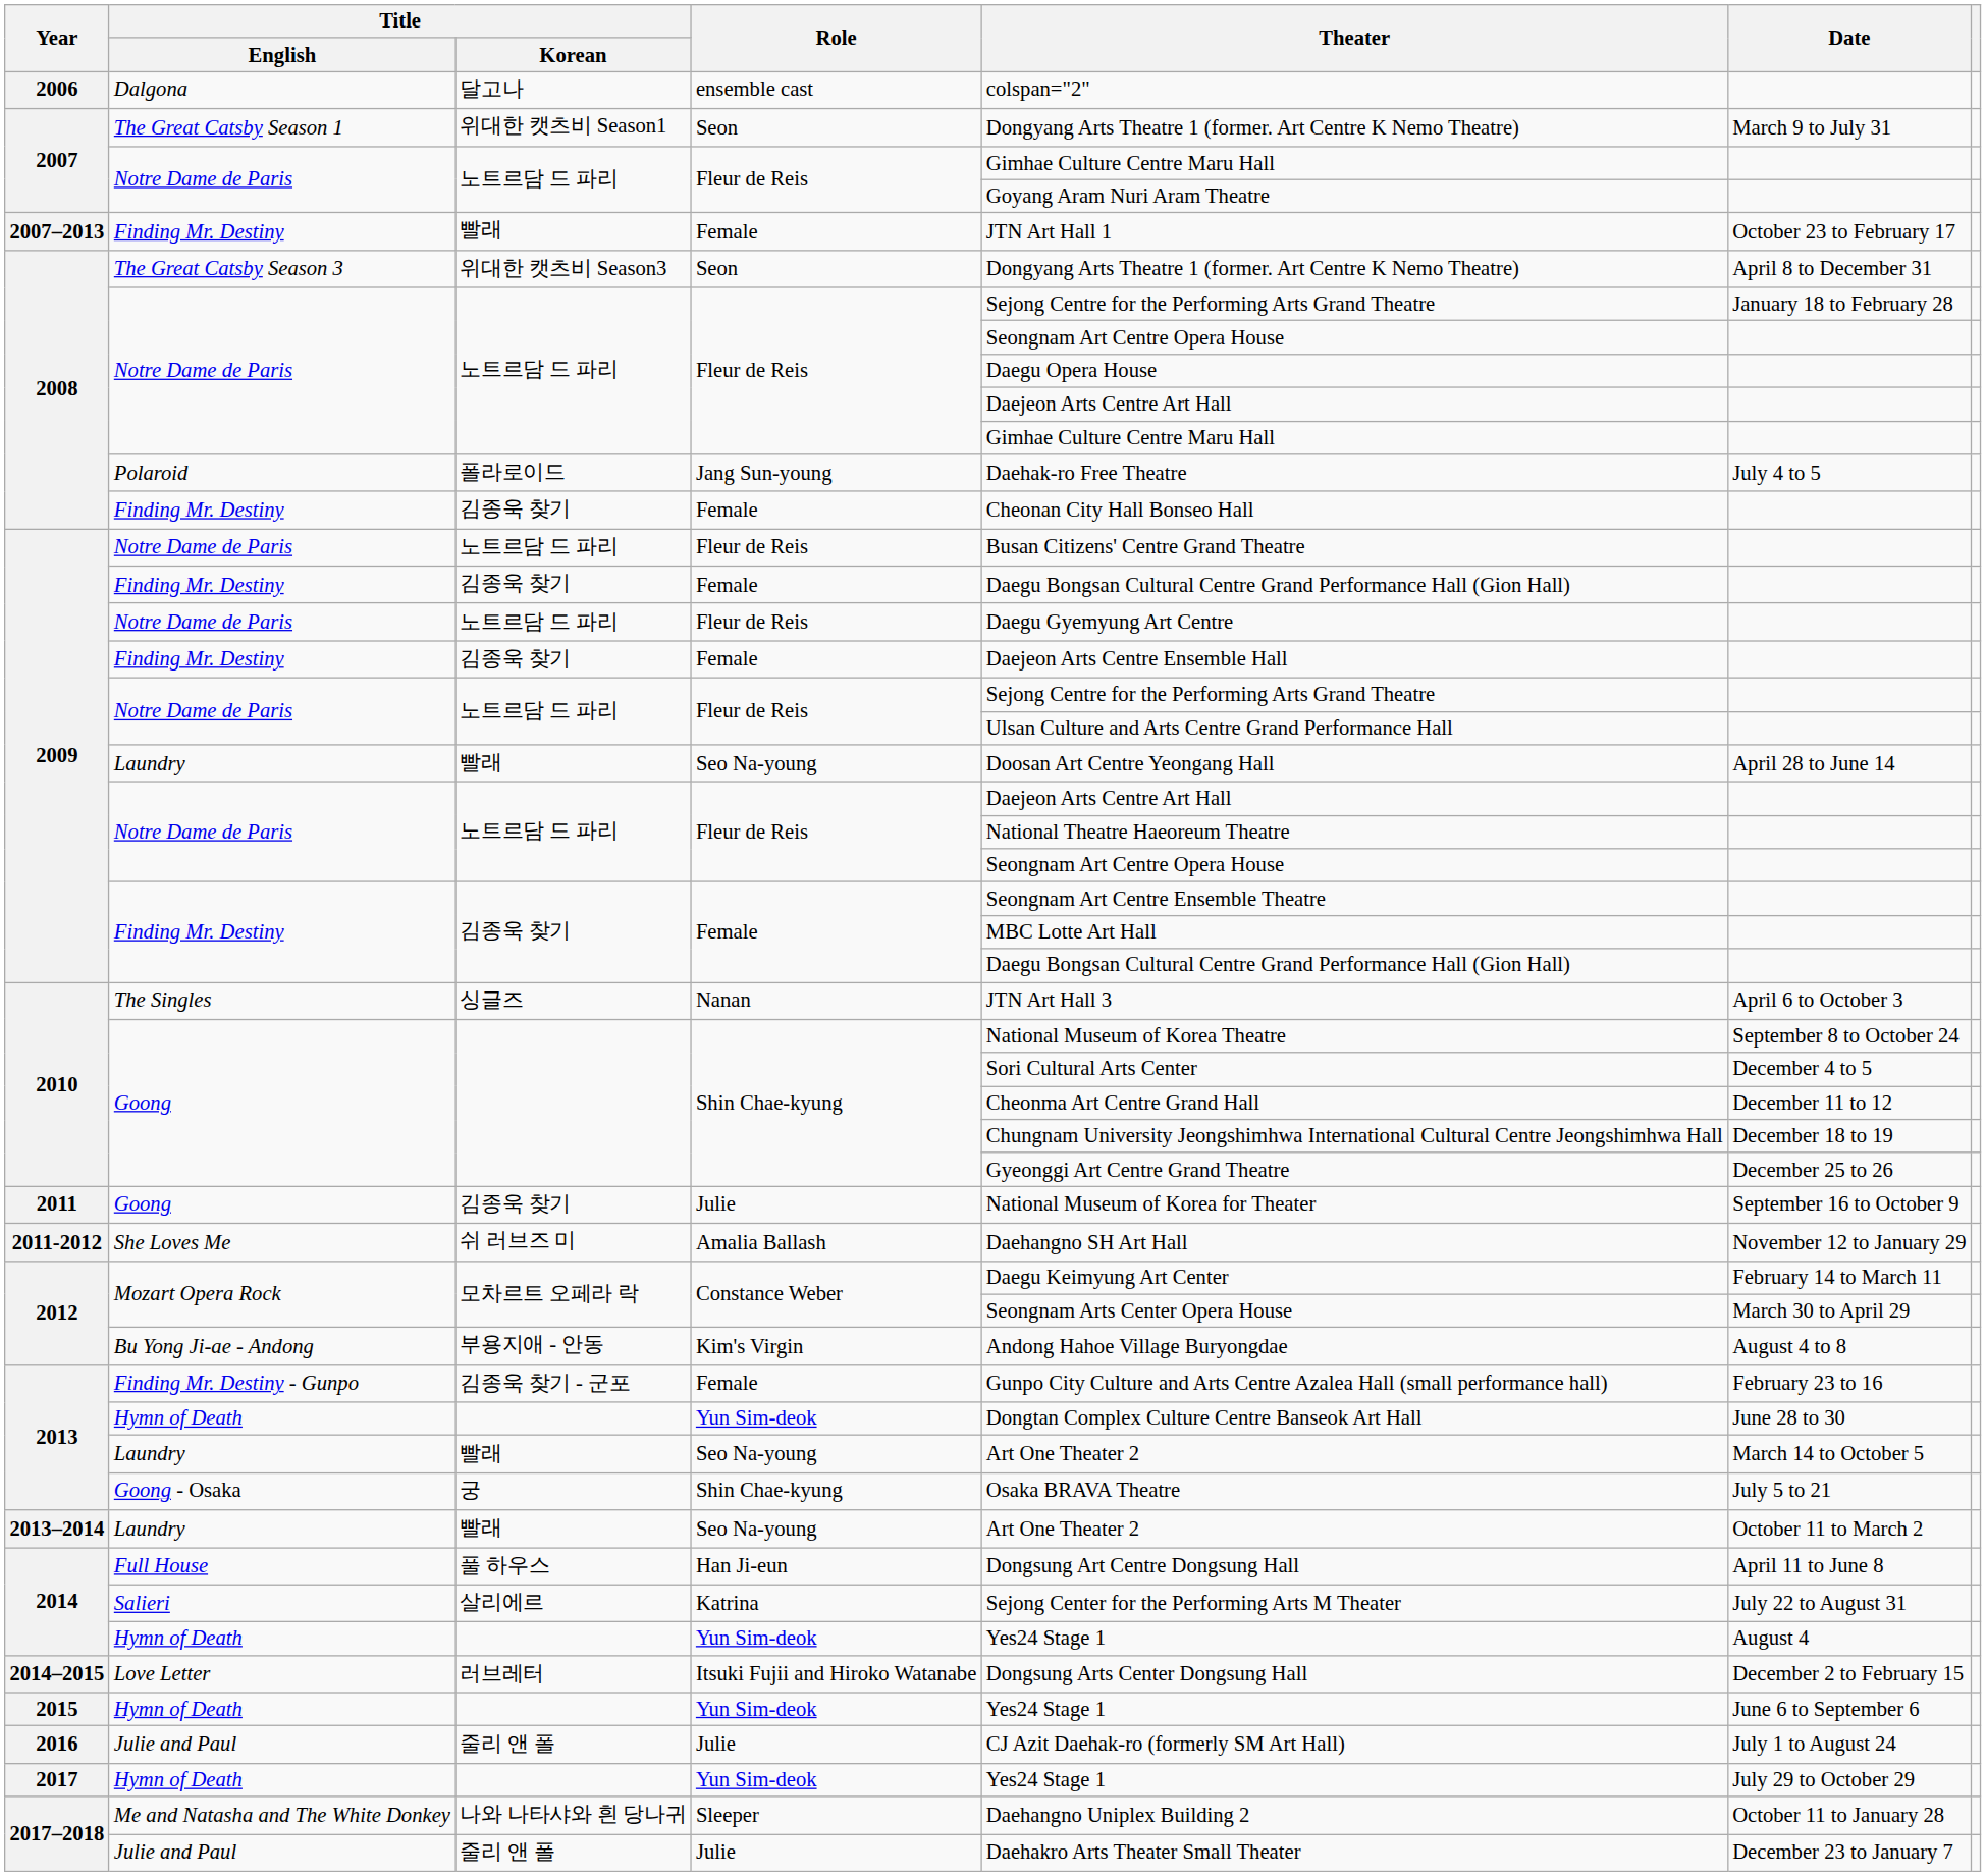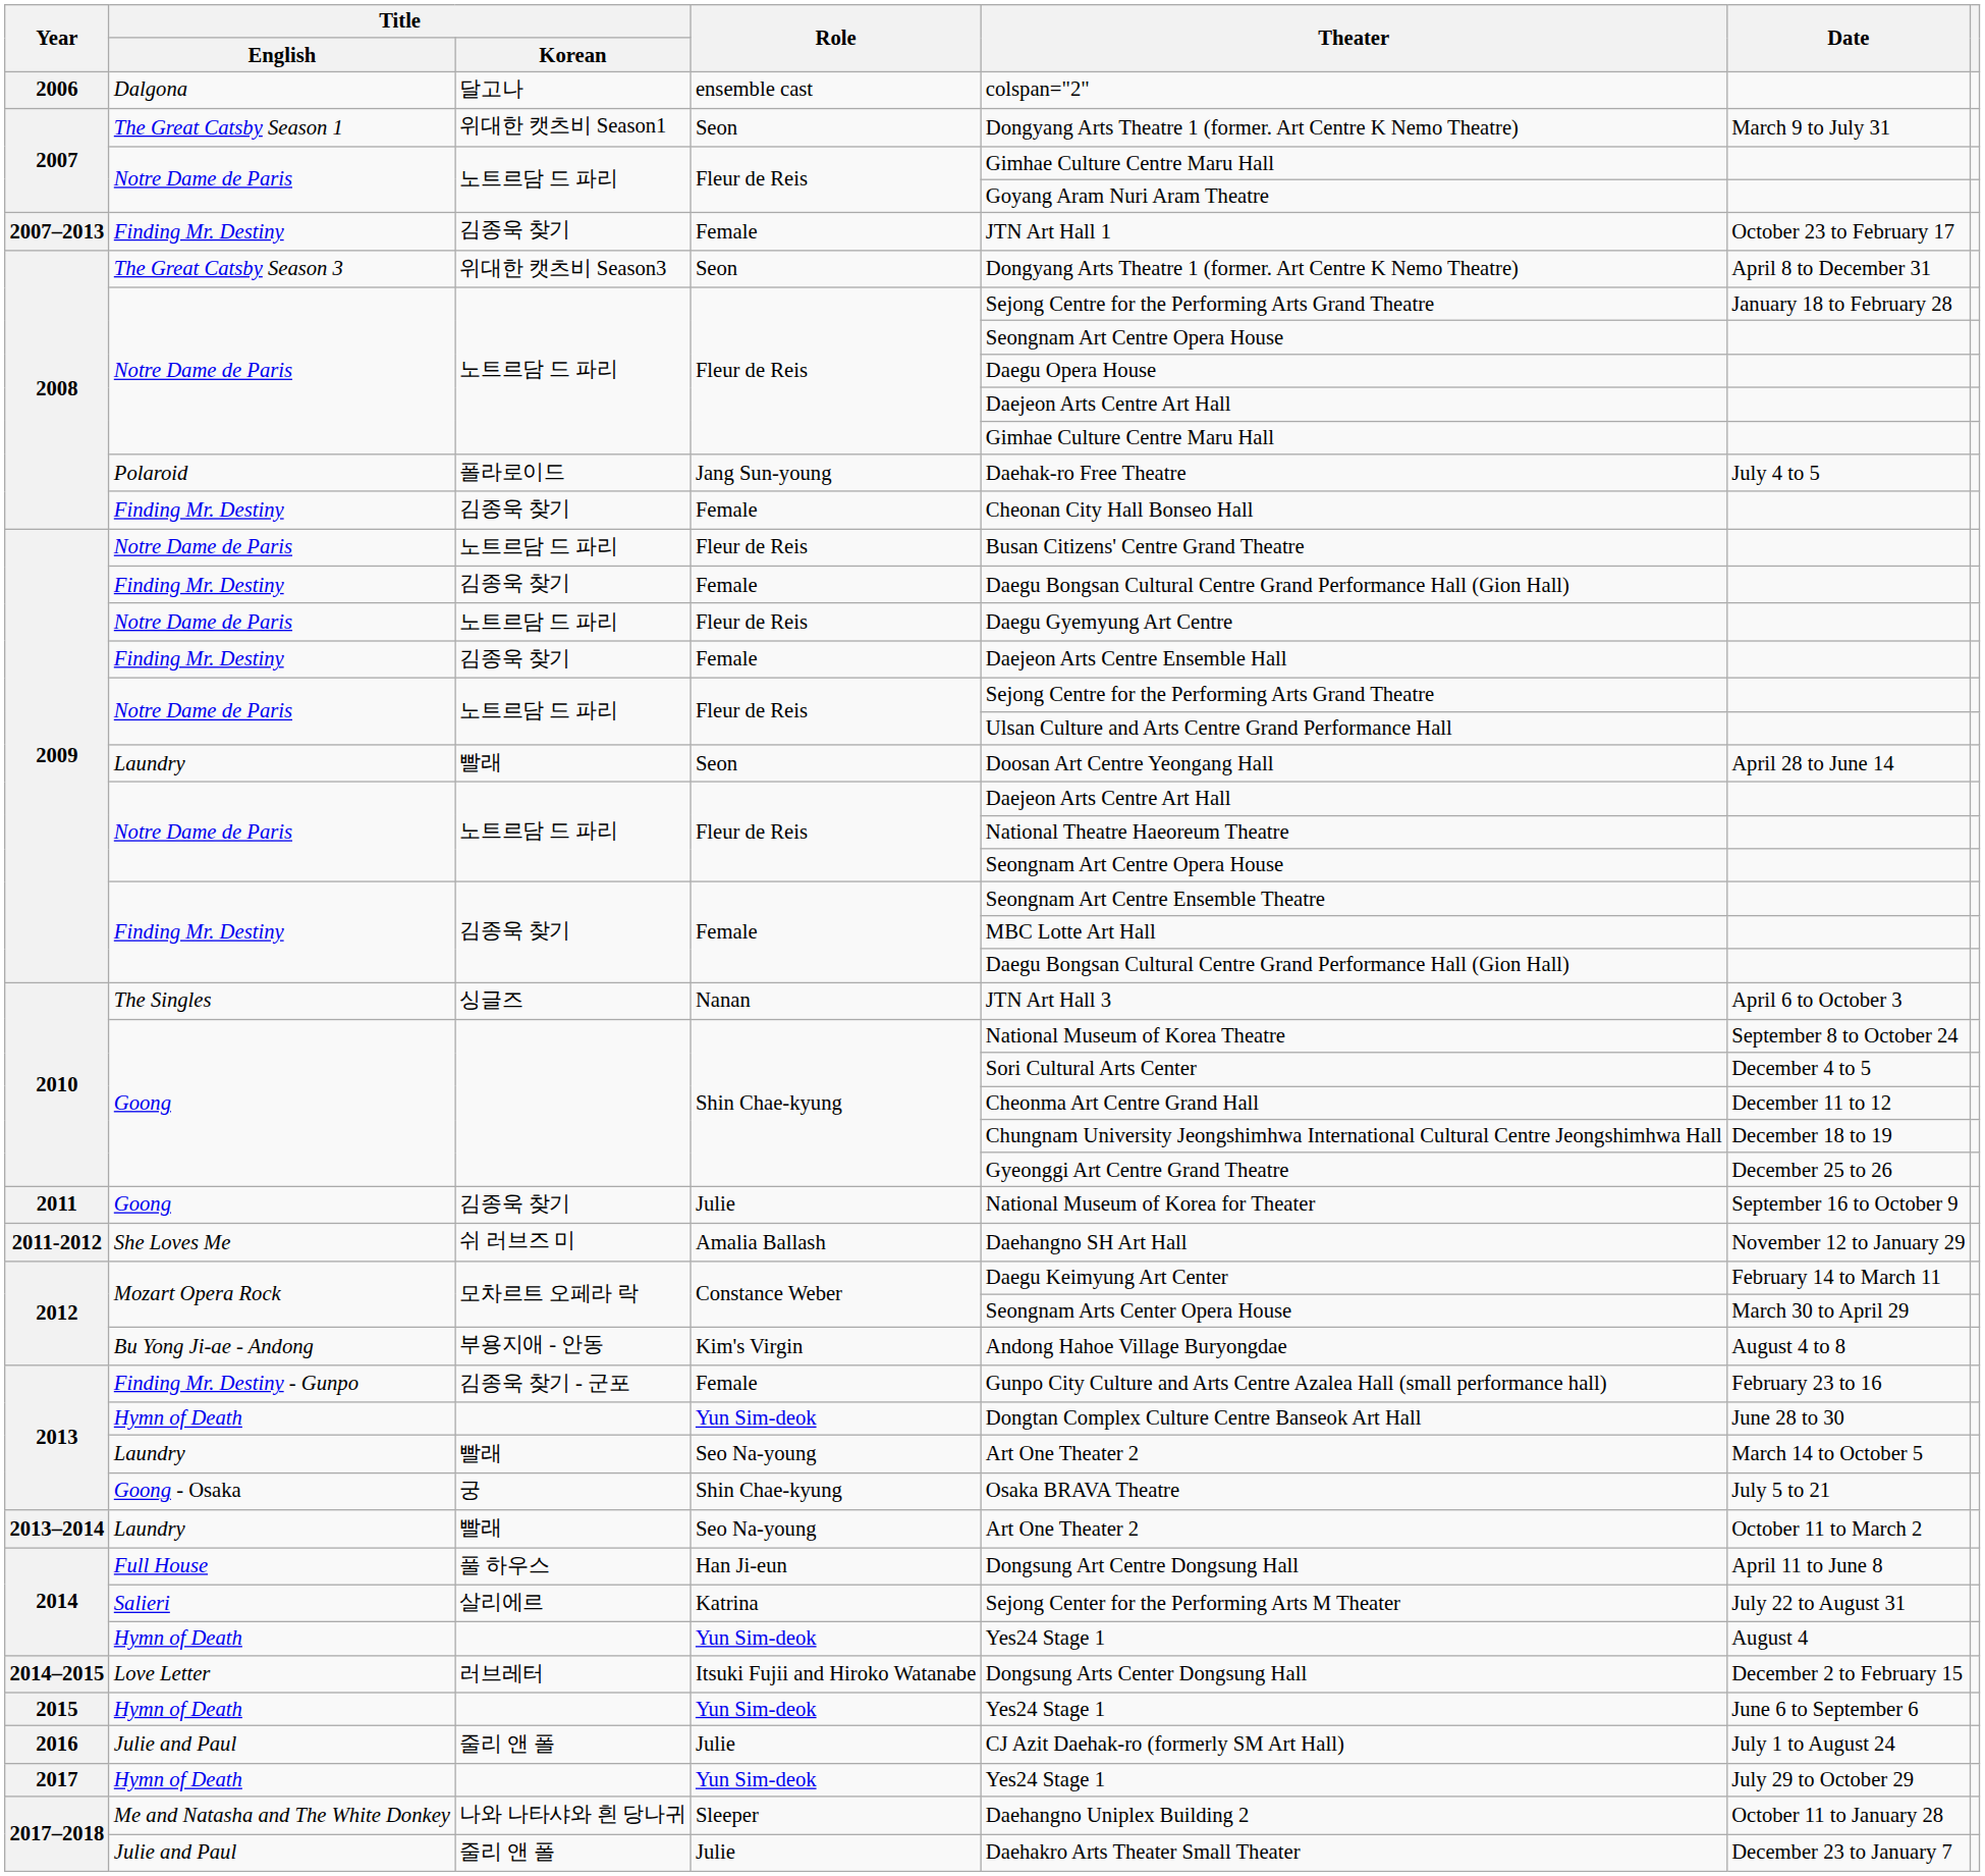 <table class="wikitable plainrowheaders sortable" style="clear:none; font-size:100%; padding:0 auto;">
 <tr>
 <th scope="col" rowspan="2">Year</th>
 <th scope="col" colspan="2">Title</th>
 <th scope="col" rowspan="2">Role</th>
 <th scope="col" rowspan="2">Theater</th>
 <th scope="col" rowspan="2">Date</th>
 <th scope="col" rowspan="2" class="unsortable"></th>
 </tr>
 <tr>
 <th>English</th>
 <th>Korean</th>
 </tr>
 <tr>
 <th scope="row">2006</th>
 <td><em>Dalgona</em></td>
 <td>달고나</td>
 <td>ensemble cast</td>
 <td>colspan="2" </td>
 <td></td>
 </tr>
 <tr>
 <th scope="row" rowspan="3">2007</th>
 <td><em><a href='#'>The Great Catsby</a> Season 1</em></td>
 <td>위대한 캣츠비 Season1</td>
 <td>Seon</td>
 <td>Dongyang Arts Theatre 1 (former. Art Centre K Nemo Theatre)</td>
 <td>March 9 to July 31</td>
 <td></td>
 </tr>
 <tr>
 <td rowspan="2"><a href='#'><em>Notre Dame de Paris</em></a></td>
 <td rowspan="2">노트르담 드 파리</td>
 <td rowspan="2">Fleur de Reis</td>
 <td>Gimhae Culture Centre Maru Hall</td>
 <td></td>
 <td></td>
 </tr>
 <tr>
 <td>Goyang Aram Nuri Aram Theatre</td>
 <td></td>
 <td></td>
 </tr>
 <tr>
 <th scope="row">2007–2013</th>
 <td><em><a href='#'>Finding Mr. Destiny</a></em></td>
-<td>빨래</td>
+<td>김종욱 찾기</td>
 <td>Female</td>
 <td>JTN Art Hall 1</td>
 <td>October 23 to February 17</td>
 <td></td>
 </tr>
 <tr>
 <th scope="row" rowspan="8">2008</th>
 <td><em><a href='#'>The Great Catsby</a></em> <em>Season 3</em></td>
 <td>위대한 캣츠비 Season3</td>
 <td>Seon</td>
 <td>Dongyang Arts Theatre 1 (former. Art Centre K Nemo Theatre)</td>
 <td>April 8 to December 31</td>
 <td></td>
 </tr>
 <tr>
 <td rowspan="5"><a href='#'><em>Notre Dame de Paris</em></a></td>
 <td rowspan="5">노트르담 드 파리</td>
 <td rowspan="5">Fleur de Reis</td>
 <td>Sejong Centre for the Performing Arts Grand Theatre</td>
 <td>January 18 to February 28</td>
 <td></td>
 </tr>
 <tr>
 <td>Seongnam Art Centre Opera House</td>
 <td></td>
 <td></td>
 </tr>
 <tr>
 <td>Daegu Opera House</td>
 <td></td>
 <td></td>
 </tr>
 <tr>
 <td>Daejeon Arts Centre Art Hall</td>
 <td></td>
 <td></td>
 </tr>
 <tr>
 <td>Gimhae Culture Centre Maru Hall</td>
 <td></td>
 <td></td>
 </tr>
 <tr>
 <td><em>Polaroid</em></td>
 <td>폴라로이드</td>
 <td>Jang Sun-young</td>
 <td>Daehak-ro Free Theatre</td>
 <td>July 4 to 5</td>
 <td></td>
 </tr>
 <tr>
 <td><em><a href='#'>Finding Mr. Destiny</a></em></td>
 <td>김종욱 찾기</td>
 <td>Female</td>
 <td>Cheonan City Hall Bonseo Hall</td>
 <td></td>
 <td></td>
 </tr>
 <tr>
 <th scope="row" rowspan="13">2009</th>
 <td><a href='#'><em>Notre Dame de Paris</em></a></td>
 <td>노트르담 드 파리</td>
 <td>Fleur de Reis</td>
 <td>Busan Citizens' Centre Grand Theatre</td>
 <td></td>
 <td></td>
 </tr>
 <tr>
 <td><em><a href='#'>Finding Mr. Destiny</a></em></td>
 <td>김종욱 찾기</td>
 <td>Female</td>
 <td>Daegu Bongsan Cultural Centre Grand Performance Hall (Gion Hall)</td>
 <td></td>
 <td></td>
 </tr>
 <tr>
 <td><em><a href='#'>Notre Dame de Paris</a></em></td>
 <td>노트르담 드 파리</td>
 <td>Fleur de Reis</td>
 <td>Daegu Gyemyung Art Centre</td>
 <td></td>
 <td></td>
 </tr>
 <tr>
 <td><em><a href='#'>Finding Mr. Destiny</a></em></td>
 <td>김종욱 찾기</td>
 <td>Female</td>
 <td>Daejeon Arts Centre Ensemble Hall</td>
 <td></td>
 <td></td>
 </tr>
 <tr>
 <td rowspan="2"><a href='#'><em>Notre Dame de Paris</em></a></td>
 <td rowspan="2">노트르담 드 파리</td>
 <td rowspan="2">Fleur de Reis</td>
 <td>Sejong Centre for the Performing Arts Grand Theatre</td>
 <td></td>
 <td></td>
 </tr>
 <tr>
 <td>Ulsan Culture and Arts Centre Grand Performance Hall</td>
 <td></td>
 <td></td>
 </tr>
 <tr>
 <td><em>Laundry</em></td>
 <td>빨래</td>
-<td>Seo Na-young</td>
+<td>Seon</td>
 <td>Doosan Art Centre Yeongang Hall</td>
 <td>April 28 to June 14</td>
 <td></td>
 </tr>
 <tr>
 <td rowspan="3"><a href='#'><em>Notre Dame de Paris</em></a></td>
 <td rowspan="3">노트르담 드 파리</td>
 <td rowspan="3">Fleur de Reis</td>
 <td>Daejeon Arts Centre Art Hall</td>
 <td></td>
 <td></td>
 </tr>
 <tr>
 <td>National Theatre Haeoreum Theatre</td>
 <td></td>
 <td></td>
 </tr>
 <tr>
 <td>Seongnam Art Centre Opera House</td>
 <td></td>
 <td></td>
 </tr>
 <tr>
 <td rowspan="3"><em><a href='#'>Finding Mr. Destiny</a></em></td>
 <td rowspan="3">김종욱 찾기</td>
 <td rowspan="3">Female</td>
 <td>Seongnam Art Centre Ensemble Theatre</td>
 <td></td>
 <td></td>
 </tr>
 <tr>
 <td>MBC Lotte Art Hall</td>
 <td></td>
 <td></td>
 </tr>
 <tr>
 <td>Daegu Bongsan Cultural Centre Grand Performance Hall (Gion Hall)</td>
 <td></td>
 <td></td>
 </tr>
 <tr>
 <th scope="row" rowspan="6">2010</th>
 <td><em>The Singles</em></td>
 <td>싱글즈</td>
 <td>Nanan</td>
 <td>JTN Art Hall 3</td>
 <td>April 6 to October 3</td>
 <td></td>
 </tr>
 <tr>
 <td rowspan="5"><em><a href='#'>Goong</a></em></td>
 <td rowspan="5"></td>
 <td rowspan="5">Shin Chae-kyung</td>
 <td>National Museum of Korea Theatre</td>
 <td>September 8 to October 24</td>
 <td></td>
 </tr>
 <tr>
 <td>Sori Cultural Arts Center</td>
 <td>December 4 to 5</td>
 <td></td>
 </tr>
 <tr>
 <td>Cheonma Art Centre Grand Hall</td>
 <td>December 11 to 12</td>
 <td></td>
 </tr>
 <tr>
 <td>Chungnam University Jeongshimhwa International Cultural Centre Jeongshimhwa Hall</td>
 <td>December 18 to 19</td>
 <td></td>
 </tr>
 <tr>
 <td>Gyeonggi Art Centre Grand Theatre</td>
 <td>December 25 to 26</td>
 <td></td>
 </tr>
 <tr>
 <th scope="row">2011</th>
 <td><em><a href='#'>Goong</a></em></td>
 <td>김종욱 찾기</td>
 <td>Julie</td>
 <td>National Museum of Korea for Theater</td>
 <td>September 16 to October 9</td>
 <td></td>
 </tr>
 <tr>
 <th scope="row">2011-2012</th>
 <td><em>She Loves Me</em></td>
 <td>쉬 러브즈 미</td>
 <td>Amalia Ballash</td>
 <td>Daehangno SH Art Hall</td>
 <td>November 12 to January 29</td>
 <td></td>
 </tr>
 <tr>
 <th scope="row" rowspan="3">2012</th>
 <td rowspan="2"><em>Mozart Opera Rock</em></td>
 <td rowspan="2">모차르트 오페라 락</td>
 <td rowspan="2">Constance Weber</td>
 <td>Daegu Keimyung Art Center</td>
 <td>February 14 to March 11</td>
 <td></td>
 </tr>
 <tr>
 <td>Seongnam Arts Center Opera House</td>
 <td>March 30 to April 29</td>
 <td></td>
 </tr>
 <tr>
 <td><em>Bu Yong Ji-ae - Andong</em></td>
 <td>부용지애 - 안동</td>
 <td>Kim's Virgin</td>
 <td>Andong Hahoe Village Buryongdae</td>
 <td>August 4 to 8</td>
 <td></td>
 </tr>
 <tr>
 <th scope="row" rowspan="4">2013</th>
 <td><em><a href='#'>Finding Mr. Destiny</a></em> <em>- Gunpo</em></td>
 <td>김종욱 찾기 - 군포</td>
 <td>Female</td>
 <td>Gunpo City Culture and Arts Centre Azalea Hall (small performance hall)</td>
 <td>February 23 to 16</td>
 <td></td>
 </tr>
 <tr>
 <td><em><a href='#'>Hymn of Death</a></em></td>
 <td></td>
 <td><a href='#'>Yun Sim-deok</a></td>
 <td>Dongtan Complex Culture Centre Banseok Art Hall</td>
 <td>June 28 to 30</td>
 <td></td>
 </tr>
 <tr>
 <td><em>Laundry</em></td>
 <td>빨래</td>
 <td>Seo Na-young</td>
 <td>Art One Theater 2</td>
 <td>March 14 to October 5</td>
 <td></td>
 </tr>
 <tr>
 <td><em><a href='#'>Goong</a></em> - Osaka</td>
 <td>궁</td>
 <td>Shin Chae-kyung</td>
 <td>Osaka BRAVA Theatre</td>
 <td>July 5 to 21</td>
 <td></td>
 </tr>
 <tr>
 <th scope="row">2013–2014</th>
 <td><em>Laundry</em></td>
 <td>빨래</td>
 <td>Seo Na-young</td>
 <td>Art One Theater 2</td>
 <td>October 11 to March 2</td>
 <td></td>
 </tr>
 <tr>
 <th scope="row" rowspan="3">2014</th>
 <td><em><a href='#'>Full House</a></em></td>
 <td>풀 하우스</td>
 <td>Han Ji-eun</td>
 <td>Dongsung Art Centre Dongsung Hall</td>
 <td>April 11 to June 8</td>
 <td></td>
 </tr>
 <tr>
 <td><em><a href='#'>Salieri</a></em></td>
 <td>살리에르</td>
 <td>Katrina</td>
 <td>Sejong Center for the Performing Arts M Theater</td>
 <td>July 22 to August 31</td>
 <td></td>
 </tr>
 <tr>
 <td><em><a href='#'>Hymn of Death</a></em></td>
 <td></td>
 <td><a href='#'>Yun Sim-deok</a></td>
 <td>Yes24 Stage 1</td>
 <td>August 4</td>
 <td></td>
 </tr>
 <tr>
 <th scope="row">2014–2015</th>
 <td><em>Love Letter</em></td>
 <td>러브레터</td>
 <td>Itsuki Fujii and Hiroko Watanabe</td>
 <td>Dongsung Arts Center Dongsung Hall</td>
 <td>December 2 to February 15</td>
 <td></td>
 </tr>
 <tr>
 <th scope="row">2015</th>
 <td><em><a href='#'>Hymn of Death</a></em></td>
 <td></td>
 <td><a href='#'>Yun Sim-deok</a></td>
 <td>Yes24 Stage 1</td>
 <td>June 6 to September 6</td>
 <td></td>
 </tr>
 <tr>
 <th scope="row">2016</th>
 <td><em>Julie and Paul</em></td>
 <td>줄리 앤 폴</td>
 <td>Julie</td>
 <td>CJ Azit Daehak-ro (formerly SM Art Hall)</td>
 <td>July 1 to August 24</td>
 <td></td>
 </tr>
 <tr>
 <th scope="row">2017</th>
 <td><em><a href='#'>Hymn of Death</a></em></td>
 <td></td>
 <td><a href='#'>Yun Sim-deok</a></td>
 <td>Yes24 Stage 1</td>
 <td>July 29 to October 29</td>
 <td></td>
 </tr>
 <tr>
 <th scope="row" rowspan="2">2017–2018</th>
 <td><em>Me and Natasha and The White Donkey</em></td>
 <td>나와 나타샤와 흰 당나귀</td>
 <td>Sleeper</td>
 <td>Daehangno Uniplex Building 2</td>
 <td>October 11 to January 28</td>
 <td></td>
 </tr>
 <tr>
 <td><em>Julie and Paul</em></td>
 <td>줄리 앤 폴</td>
 <td>Julie</td>
 <td>Daehakro Arts Theater Small Theater</td>
 <td>December 23 to January 7</td>
 <td></td>
 </tr>
 </table>
